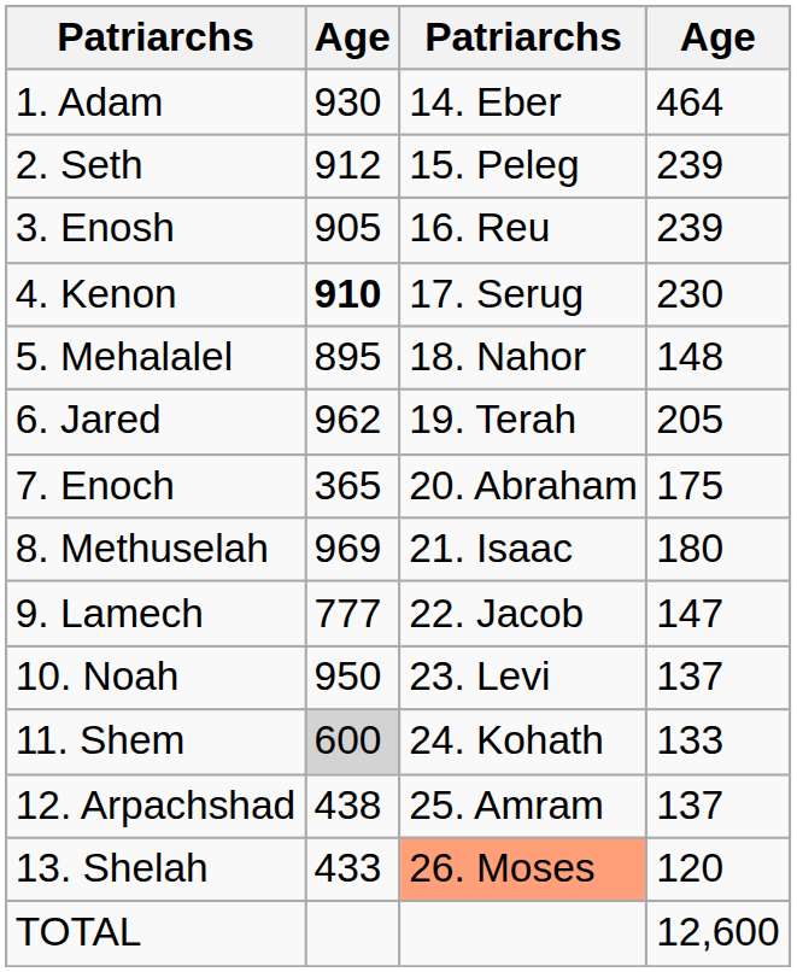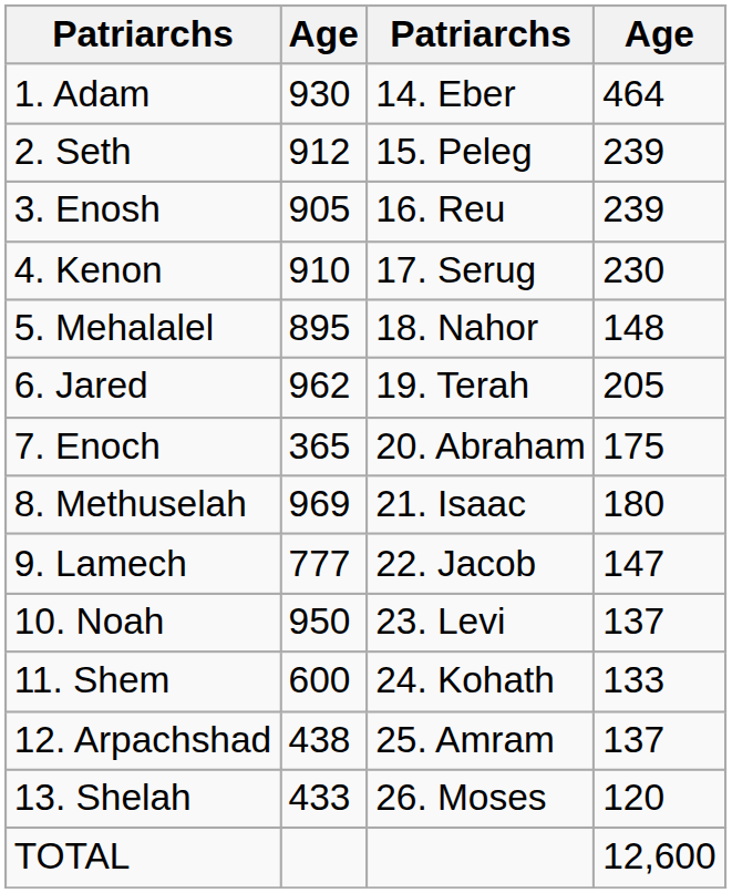 <table class="wikitable">
 <tr>
 <th>Patriarchs</th>
 <th>Age</th>
 <th>Patriarchs</th>
 <th>Age</th>
 </tr>
 <tr>
 <td>1. Adam</td>
 <td>930</td>
 <td>14. Eber</td>
 <td>464</td>
 </tr>
 <tr>
 <td>2. Seth</td>
 <td>912</td>
 <td>15. Peleg</td>
 <td>239</td>
 </tr>
 <tr>
 <td>3. Enosh</td>
 <td>905</td>
 <td>16. Reu</td>
 <td>239</td>
 </tr>
 <tr>
 <td>4. Kenon</td>
-<td><strong>910</strong></td>
+<td>910</td>
 <td>17. Serug</td>
 <td>230</td>
 </tr>
 <tr>
 <td>5. Mehalalel</td>
 <td>895</td>
 <td>18. Nahor</td>
 <td>148</td>
 </tr>
 <tr>
 <td>6. Jared</td>
 <td>962</td>
 <td>19. Terah</td>
 <td>205</td>
 </tr>
 <tr>
 <td>7. Enoch</td>
 <td>365</td>
 <td>20. Abraham</td>
 <td>175</td>
 </tr>
 <tr>
 <td>8. Methuselah</td>
 <td>969</td>
 <td>21. Isaac</td>
 <td>180</td>
 </tr>
 <tr>
 <td>9. Lamech</td>
 <td>777</td>
 <td>22. Jacob</td>
 <td>147</td>
 </tr>
 <tr>
 <td>10. Noah</td>
 <td>950</td>
 <td>23. Levi</td>
 <td>137</td>
 </tr>
 <tr>
 <td>11. Shem</td>
-<td style="background: lightgrey;">600</td>
+<td>600</td>
 <td>24. Kohath</td>
 <td>133</td>
 </tr>
 <tr>
 <td>12. Arpachshad</td>
 <td>438</td>
 <td>25. Amram</td>
 <td>137</td>
 </tr>
 <tr>
 <td>13. Shelah</td>
 <td>433</td>
-<td style="background: lightsalmon;">26. Moses</td>
+<td>26. Moses</td>
 <td>120</td>
 </tr>
 <tr>
 <td>TOTAL</td>
 <td></td>
 <td></td>
 <td>12,600</td>
 </tr>
 </table>
